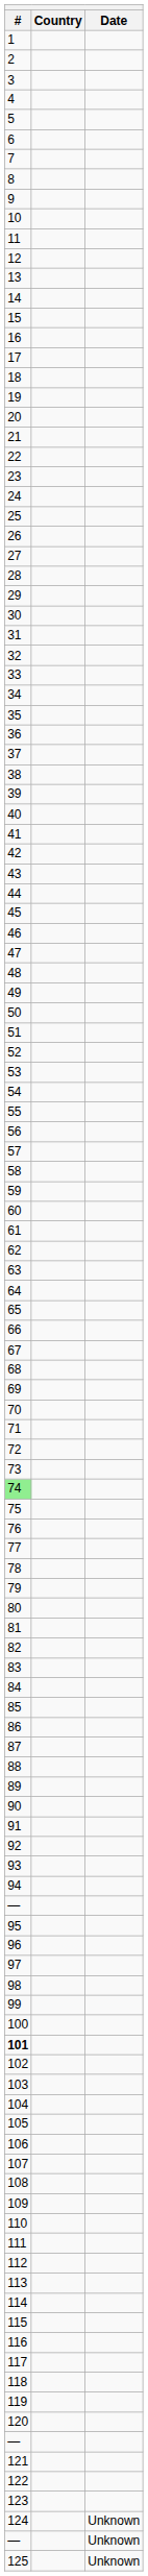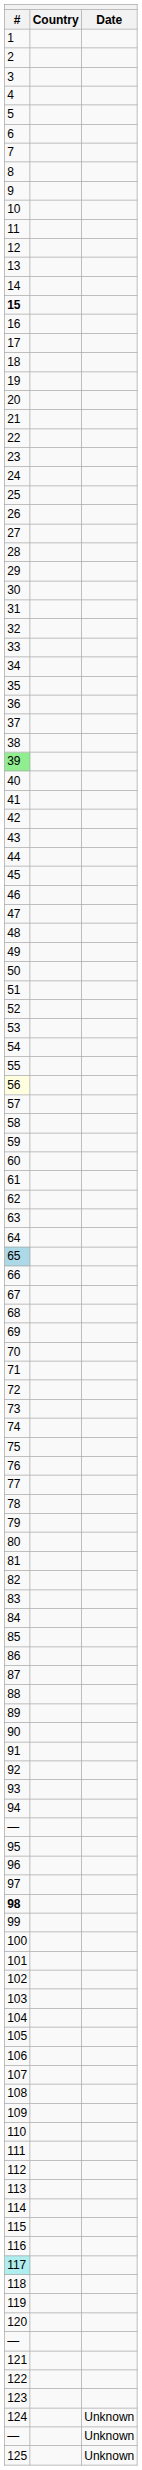 <table class="wikitable sortable">
 <tr>
 <th colspan="3"></th>
 </tr>
 <tr>
 <th>#</th>
 <th>Country</th>
 <th>Date</th>
 </tr>
 <tr>
 <td>1</td>
 <td></td>
 <td></td>
 </tr>
 <tr>
 <td>2</td>
 <td></td>
 <td></td>
 </tr>
 <tr>
 <td>3</td>
 <td></td>
 <td></td>
 </tr>
 <tr>
 <td>4</td>
 <td></td>
 <td></td>
 </tr>
 <tr>
 <td>5</td>
 <td></td>
 <td></td>
 </tr>
 <tr>
 <td>6</td>
 <td></td>
 <td></td>
 </tr>
 <tr>
 <td>7</td>
 <td></td>
 <td></td>
 </tr>
 <tr>
 <td>8</td>
 <td></td>
 <td></td>
 </tr>
 <tr>
 <td>9</td>
 <td></td>
 <td></td>
 </tr>
 <tr>
 <td>10</td>
 <td></td>
 <td></td>
 </tr>
 <tr>
 <td>11</td>
 <td></td>
 <td></td>
 </tr>
 <tr>
 <td>12</td>
 <td></td>
 <td></td>
 </tr>
 <tr>
 <td>13</td>
 <td></td>
 <td></td>
 </tr>
 <tr>
 <td>14</td>
 <td></td>
 <td></td>
 </tr>
 <tr>
-<td>15</td>
+<td><strong>15</strong></td>
 <td></td>
 <td></td>
 </tr>
 <tr>
 <td>16</td>
 <td></td>
 <td></td>
 </tr>
 <tr>
 <td>17</td>
 <td></td>
 <td></td>
 </tr>
 <tr>
 <td>18</td>
 <td></td>
 <td></td>
 </tr>
 <tr>
 <td>19</td>
 <td></td>
 <td></td>
 </tr>
 <tr>
 <td>20</td>
 <td></td>
 <td></td>
 </tr>
 <tr>
 <td>21</td>
 <td></td>
 <td></td>
 </tr>
 <tr>
 <td>22</td>
 <td></td>
 <td></td>
 </tr>
 <tr>
 <td>23</td>
 <td></td>
 <td></td>
 </tr>
 <tr>
 <td>24</td>
 <td></td>
 <td></td>
 </tr>
 <tr>
 <td>25</td>
 <td></td>
 <td></td>
 </tr>
 <tr>
 <td>26</td>
 <td></td>
 <td></td>
 </tr>
 <tr>
 <td>27</td>
 <td></td>
 <td></td>
 </tr>
 <tr>
 <td>28</td>
 <td></td>
 <td></td>
 </tr>
 <tr>
 <td>29</td>
 <td></td>
 <td></td>
 </tr>
 <tr>
 <td>30</td>
 <td></td>
 <td></td>
 </tr>
 <tr>
 <td>31</td>
 <td></td>
 <td></td>
 </tr>
 <tr>
 <td>32</td>
 <td></td>
 <td></td>
 </tr>
 <tr>
 <td>33</td>
 <td></td>
 <td></td>
 </tr>
 <tr>
 <td>34</td>
 <td></td>
 <td></td>
 </tr>
 <tr>
 <td>35</td>
 <td></td>
 <td></td>
 </tr>
 <tr>
 <td>36</td>
 <td></td>
 <td></td>
 </tr>
 <tr>
 <td>37</td>
 <td></td>
 <td></td>
 </tr>
 <tr>
 <td>38</td>
 <td></td>
 <td></td>
 </tr>
 <tr>
-<td>39</td>
+<td style="background: lightgreen;">39</td>
 <td></td>
 <td></td>
 </tr>
 <tr>
 <td>40</td>
 <td></td>
 <td></td>
 </tr>
 <tr>
 <td>41</td>
 <td></td>
 <td></td>
 </tr>
 <tr>
 <td>42</td>
 <td></td>
 <td></td>
 </tr>
 <tr>
 <td>43</td>
 <td></td>
 <td></td>
 </tr>
 <tr>
 <td>44</td>
 <td></td>
 <td></td>
 </tr>
 <tr>
 <td>45</td>
 <td></td>
 <td></td>
 </tr>
 <tr>
 <td>46</td>
 <td></td>
 <td></td>
 </tr>
 <tr>
 <td>47</td>
 <td></td>
 <td></td>
 </tr>
 <tr>
 <td>48</td>
 <td></td>
 <td></td>
 </tr>
 <tr>
 <td>49</td>
 <td></td>
 <td></td>
 </tr>
 <tr>
 <td>50</td>
 <td></td>
 <td></td>
 </tr>
 <tr>
 <td>51</td>
 <td></td>
 <td></td>
 </tr>
 <tr>
 <td>52</td>
 <td></td>
 <td></td>
 </tr>
 <tr>
 <td>53</td>
 <td></td>
 <td></td>
 </tr>
 <tr>
 <td>54</td>
 <td></td>
 <td></td>
 </tr>
 <tr>
 <td>55</td>
 <td></td>
 <td></td>
 </tr>
 <tr>
-<td>56</td>
+<td style="background: lightyellow;">56</td>
 <td></td>
 <td></td>
 </tr>
 <tr>
 <td>57</td>
 <td></td>
 <td></td>
 </tr>
 <tr>
 <td>58</td>
 <td></td>
 <td></td>
 </tr>
 <tr>
 <td>59</td>
 <td></td>
 <td></td>
 </tr>
 <tr>
 <td>60</td>
 <td></td>
 <td></td>
 </tr>
 <tr>
 <td>61</td>
 <td></td>
 <td></td>
 </tr>
 <tr>
 <td>62</td>
 <td></td>
 <td></td>
 </tr>
 <tr>
 <td>63</td>
 <td></td>
 <td></td>
 </tr>
 <tr>
 <td>64</td>
 <td></td>
 <td></td>
 </tr>
 <tr>
-<td>65</td>
+<td style="background: lightblue;">65</td>
 <td></td>
 <td></td>
 </tr>
 <tr>
 <td>66</td>
 <td></td>
 <td></td>
 </tr>
 <tr>
 <td>67</td>
 <td></td>
 <td></td>
 </tr>
 <tr>
 <td>68</td>
 <td></td>
 <td></td>
 </tr>
 <tr>
 <td>69</td>
 <td></td>
 <td></td>
 </tr>
 <tr>
 <td>70</td>
 <td></td>
 <td></td>
 </tr>
 <tr>
 <td>71</td>
 <td></td>
 <td></td>
 </tr>
 <tr>
 <td>72</td>
 <td></td>
 <td></td>
 </tr>
 <tr>
 <td>73</td>
 <td></td>
 <td></td>
 </tr>
 <tr>
-<td style="background: lightgreen;">74</td>
+<td>74</td>
 <td></td>
 <td></td>
 </tr>
 <tr>
 <td>75</td>
 <td></td>
 <td></td>
 </tr>
 <tr>
 <td>76</td>
 <td></td>
 <td></td>
 </tr>
 <tr>
 <td>77</td>
 <td></td>
 <td></td>
 </tr>
 <tr>
 <td>78</td>
 <td></td>
 <td></td>
 </tr>
 <tr>
 <td>79</td>
 <td></td>
 <td></td>
 </tr>
 <tr>
 <td>80</td>
 <td></td>
 <td></td>
 </tr>
 <tr>
 <td>81</td>
 <td></td>
 <td></td>
 </tr>
 <tr>
 <td>82</td>
 <td></td>
 <td></td>
 </tr>
 <tr>
 <td>83</td>
 <td></td>
 <td></td>
 </tr>
 <tr>
 <td>84</td>
 <td></td>
 <td></td>
 </tr>
 <tr>
 <td>85</td>
 <td></td>
 <td></td>
 </tr>
 <tr>
 <td>86</td>
 <td></td>
 <td></td>
 </tr>
 <tr>
 <td>87</td>
 <td></td>
 <td></td>
 </tr>
 <tr>
 <td>88</td>
 <td></td>
 <td></td>
 </tr>
 <tr>
 <td>89</td>
 <td></td>
 <td></td>
 </tr>
 <tr>
 <td>90</td>
 <td></td>
 <td></td>
 </tr>
 <tr>
 <td>91</td>
 <td></td>
 <td></td>
 </tr>
 <tr>
 <td>92</td>
 <td></td>
 <td></td>
 </tr>
 <tr>
 <td>93</td>
 <td></td>
 <td></td>
 </tr>
 <tr>
 <td>94</td>
 <td></td>
 <td></td>
 </tr>
 <tr>
 <td>—</td>
 <td></td>
 <td></td>
 </tr>
 <tr>
 <td>95</td>
 <td></td>
 <td></td>
 </tr>
 <tr>
 <td>96</td>
 <td></td>
 <td></td>
 </tr>
 <tr>
 <td>97</td>
 <td></td>
 <td></td>
 </tr>
 <tr>
-<td>98</td>
+<td><strong>98</strong></td>
 <td></td>
 <td></td>
 </tr>
 <tr>
 <td>99</td>
 <td></td>
 <td></td>
 </tr>
 <tr>
 <td>100</td>
 <td></td>
 <td></td>
 </tr>
 <tr>
-<td><strong>101</strong></td>
+<td>101</td>
 <td></td>
 <td></td>
 </tr>
 <tr>
 <td>102</td>
 <td></td>
 <td></td>
 </tr>
 <tr>
 <td>103</td>
 <td></td>
 <td></td>
 </tr>
 <tr>
 <td>104</td>
 <td></td>
 <td></td>
 </tr>
 <tr>
 <td>105</td>
 <td></td>
 <td></td>
 </tr>
 <tr>
 <td>106</td>
 <td></td>
 <td></td>
 </tr>
 <tr>
 <td>107</td>
 <td></td>
 <td></td>
 </tr>
 <tr>
 <td>108</td>
 <td></td>
 <td></td>
 </tr>
 <tr>
 <td>109</td>
 <td></td>
 <td></td>
 </tr>
 <tr>
 <td>110</td>
 <td></td>
 <td></td>
 </tr>
 <tr>
 <td>111</td>
 <td></td>
 <td></td>
 </tr>
 <tr>
 <td>112</td>
 <td></td>
 <td></td>
 </tr>
 <tr>
 <td>113</td>
 <td></td>
 <td></td>
 </tr>
 <tr>
 <td>114</td>
 <td></td>
 <td></td>
 </tr>
 <tr>
 <td>115</td>
 <td></td>
 <td></td>
 </tr>
 <tr>
 <td>116</td>
 <td></td>
 <td></td>
 </tr>
 <tr>
-<td>117</td>
+<td style="background: paleturquoise;">117</td>
 <td></td>
 <td></td>
 </tr>
 <tr>
 <td>118</td>
 <td></td>
 <td></td>
 </tr>
 <tr>
 <td>119</td>
 <td></td>
 <td></td>
 </tr>
 <tr>
 <td>120</td>
 <td></td>
 <td></td>
 </tr>
 <tr>
 <td>—</td>
 <td></td>
 <td></td>
 </tr>
 <tr>
 <td>121</td>
 <td></td>
 <td></td>
 </tr>
 <tr>
 <td>122</td>
 <td></td>
 <td></td>
 </tr>
 <tr>
 <td>123</td>
 <td></td>
 <td></td>
 </tr>
 <tr>
 <td>124</td>
 <td></td>
 <td>Unknown</td>
 </tr>
 <tr>
 <td>—</td>
 <td></td>
 <td>Unknown</td>
 </tr>
 <tr>
 <td>125</td>
 <td></td>
 <td>Unknown</td>
 </tr>
 </table>
